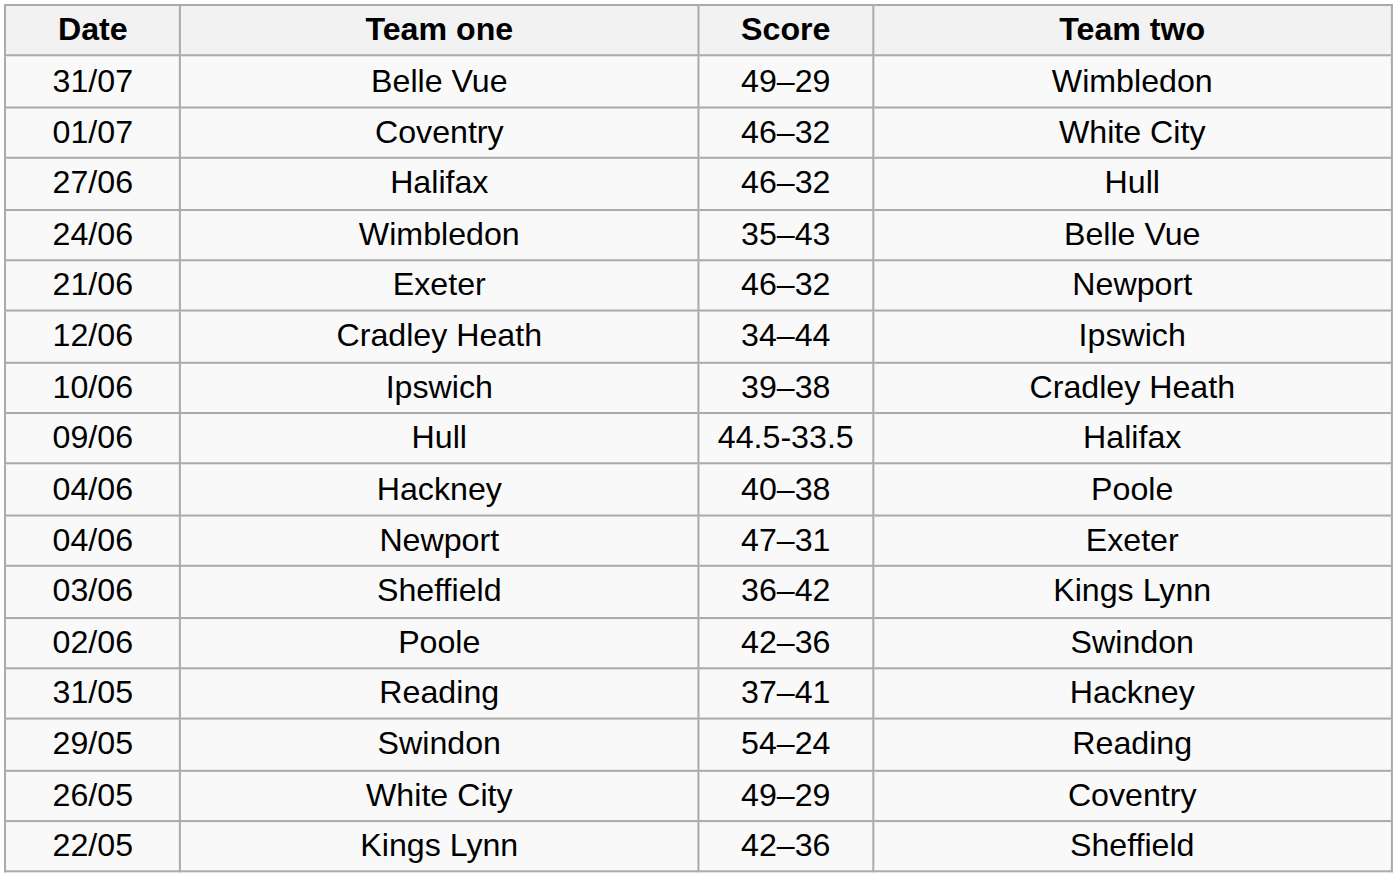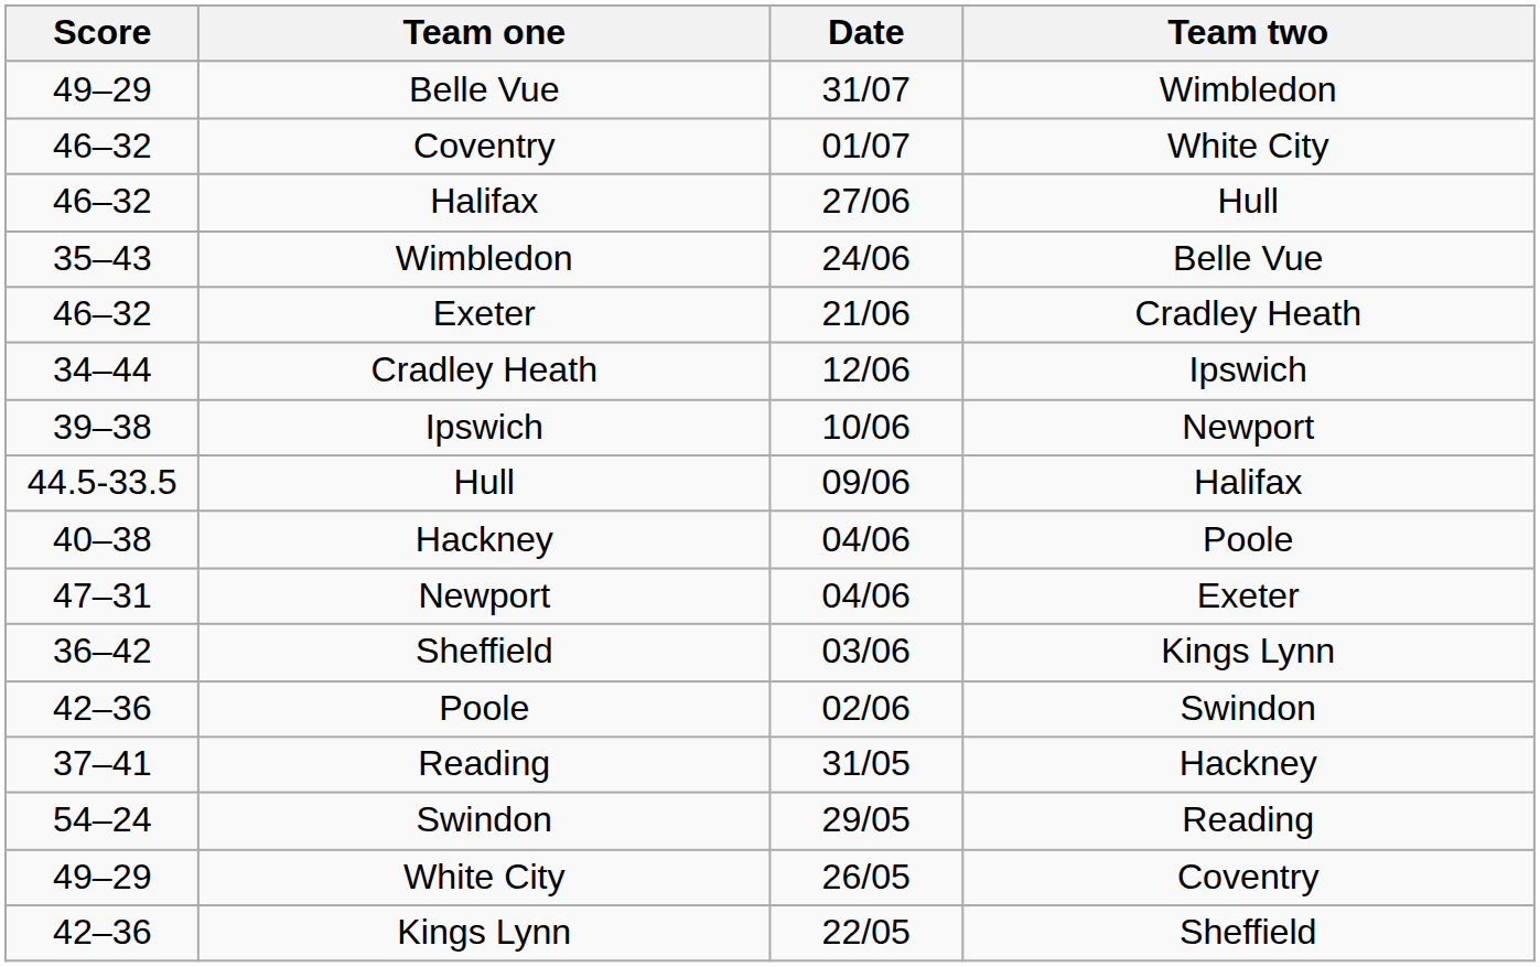 <table class="wikitable" style="text-align: center">
 <tr>
+<th width=80>Score</th>
+<th width=250>Team one</th>
 <th width=80>Date</th>
-<th width=250>Team one</th>
-<th width=80>Score</th>
 <th width=250>Team two</th>
 </tr>
 <tr>
+<td>49–29</td>
+<td>Belle Vue</td>
 <td>31/07</td>
-<td>Belle Vue</td>
-<td>49–29</td>
 <td>Wimbledon</td>
 </tr>
 <tr>
+<td>46–32</td>
+<td>Coventry</td>
 <td>01/07</td>
-<td>Coventry</td>
-<td>46–32</td>
 <td>White City</td>
 </tr>
 <tr>
+<td>46–32</td>
+<td>Halifax</td>
 <td>27/06</td>
-<td>Halifax</td>
-<td>46–32</td>
 <td>Hull</td>
 </tr>
 <tr>
+<td>35–43</td>
+<td>Wimbledon</td>
 <td>24/06</td>
-<td>Wimbledon</td>
-<td>35–43</td>
 <td>Belle Vue</td>
 </tr>
 <tr>
+<td>46–32</td>
+<td>Exeter</td>
 <td>21/06</td>
-<td>Exeter</td>
-<td>46–32</td>
+<td>Cradley Heath</td>
+</tr>
+<tr>
+<td>34–44</td>
+<td>Cradley Heath</td>
+<td>12/06</td>
+<td>Ipswich</td>
+</tr>
+<tr>
+<td>39–38</td>
+<td>Ipswich</td>
+<td>10/06</td>
 <td>Newport</td>
 </tr>
 <tr>
-<td>12/06</td>
-<td>Cradley Heath</td>
-<td>34–44</td>
-<td>Ipswich</td>
-</tr>
-<tr>
-<td>10/06</td>
-<td>Ipswich</td>
-<td>39–38</td>
-<td>Cradley Heath</td>
-</tr>
-<tr>
+<td>44.5-33.5</td>
+<td>Hull</td>
 <td>09/06</td>
-<td>Hull</td>
-<td>44.5-33.5</td>
 <td>Halifax</td>
 </tr>
 <tr>
+<td>40–38</td>
+<td>Hackney</td>
 <td>04/06</td>
-<td>Hackney</td>
-<td>40–38</td>
 <td>Poole</td>
 </tr>
 <tr>
+<td>47–31</td>
+<td>Newport</td>
 <td>04/06</td>
-<td>Newport</td>
-<td>47–31</td>
 <td>Exeter</td>
 </tr>
 <tr>
+<td>36–42</td>
+<td>Sheffield</td>
 <td>03/06</td>
-<td>Sheffield</td>
-<td>36–42</td>
 <td>Kings Lynn</td>
 </tr>
 <tr>
+<td>42–36</td>
+<td>Poole</td>
 <td>02/06</td>
-<td>Poole</td>
-<td>42–36</td>
 <td>Swindon</td>
 </tr>
 <tr>
+<td>37–41</td>
+<td>Reading</td>
 <td>31/05</td>
-<td>Reading</td>
-<td>37–41</td>
 <td>Hackney</td>
 </tr>
 <tr>
+<td>54–24</td>
+<td>Swindon</td>
 <td>29/05</td>
-<td>Swindon</td>
-<td>54–24</td>
 <td>Reading</td>
 </tr>
 <tr>
+<td>49–29</td>
+<td>White City</td>
 <td>26/05</td>
-<td>White City</td>
-<td>49–29</td>
 <td>Coventry</td>
 </tr>
 <tr>
+<td>42–36</td>
+<td>Kings Lynn</td>
 <td>22/05</td>
-<td>Kings Lynn</td>
-<td>42–36</td>
 <td>Sheffield</td>
 </tr>
 </table>
